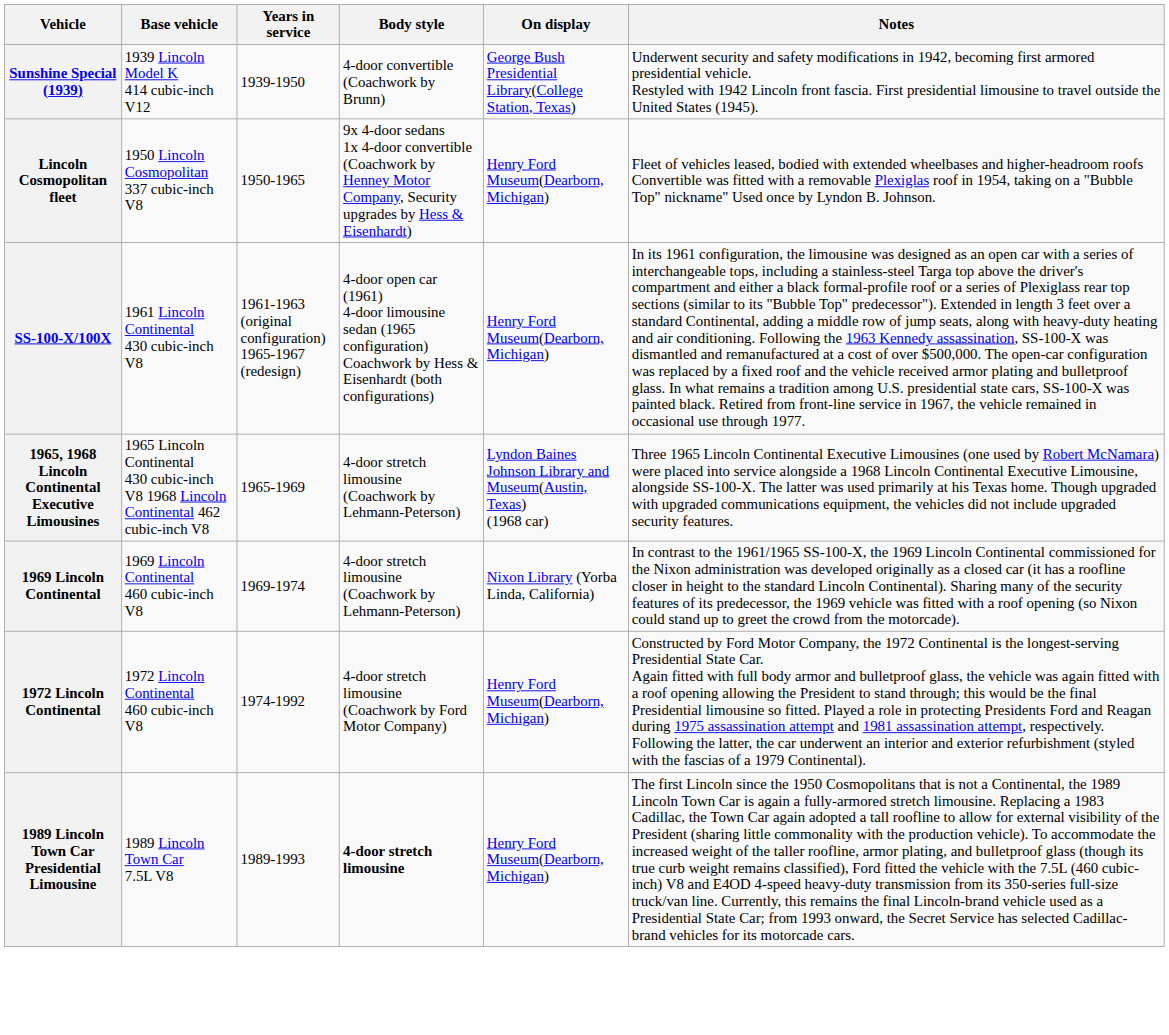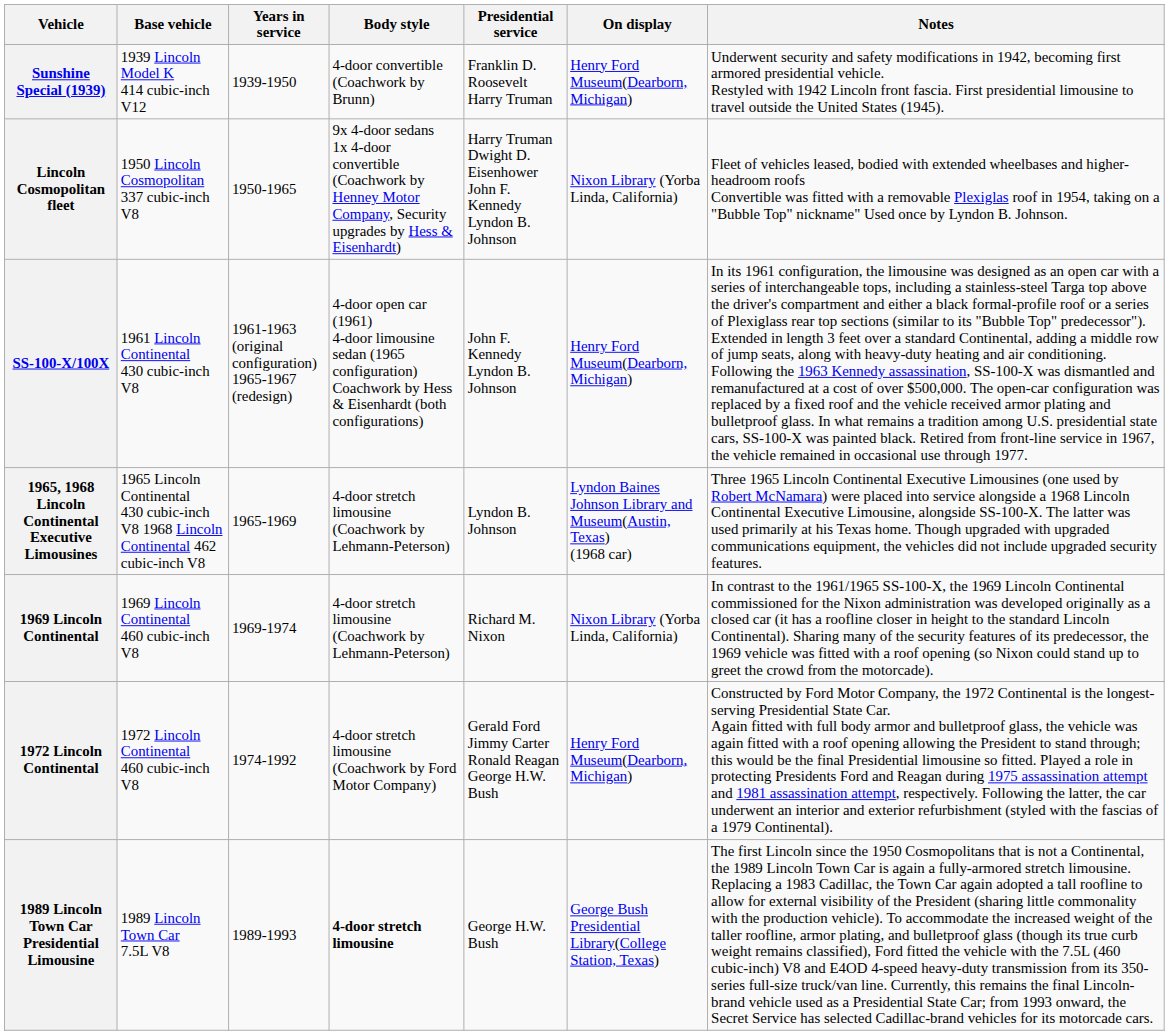 <table class="wikitable">
 <tr>
 <th>Vehicle</th>
 <th>Base vehicle</th>
 <th>Years in service</th>
 <th>Body style</th>
+<th>Presidential service</th>
 <th>On display</th>
 <th>Notes</th>
 </tr>
 <tr>
 <th><a href='#'>Sunshine Special (1939)</a></th>
 <td>1939 <a href='#'>Lincoln Model K</a><br>414 cubic-inch V12</td>
 <td>1939-1950</td>
 <td>4-door convertible<br>(Coachwork by Brunn)</td>
-<td><a href='#'>George Bush Presidential Library</a>(<a href='#'>College Station, Texas</a>)</td>
+<td>Franklin D. Roosevelt<br>Harry Truman</td>
+<td><a href='#'>Henry Ford Museum</a>(<a href='#'>Dearborn, Michigan</a>)</td>
 <td>Underwent security and safety modifications in 1942, becoming first armored presidential vehicle.<br>Restyled with 1942 Lincoln front fascia.  First presidential limousine to travel outside the United States (1945).</td>
 </tr>
 <tr>
 <th>Lincoln Cosmopolitan fleet</th>
 <td>1950 <a href='#'>Lincoln Cosmopolitan</a><br>337 cubic-inch V8</td>
 <td>1950-1965</td>
 <td>9x 4-door sedans<br>1x 4-door convertible (Coachwork by <a href='#'>Henney Motor Company</a>, Security upgrades by <a href='#'>Hess & Eisenhardt</a>)</td>
-<td><a href='#'>Henry Ford Museum</a>(<a href='#'>Dearborn, Michigan</a>)</td>
+<td>Harry Truman<br>Dwight D. Eisenhower John F. Kennedy Lyndon B. Johnson</td>
+<td><a href='#'>Nixon Library</a> (Yorba Linda, California)</td>
 <td>Fleet of vehicles leased, bodied with extended wheelbases and higher-headroom roofs<br>Convertible was fitted with a removable <a href='#'>Plexiglas</a> roof in 1954, taking on a "Bubble Top" nickname" Used once by Lyndon B. Johnson.</td>
 </tr>
 <tr>
 <th><a href='#'>SS-100-X/100X</a></th>
 <td>1961 <a href='#'>Lincoln Continental</a><br>430 cubic-inch V8</td>
 <td>1961-1963 (original configuration)<br>1965-1967 (redesign)</td>
 <td>4-door open car (1961)<br>4-door limousine sedan (1965 configuration) Coachwork by Hess & Eisenhardt (both configurations)</td>
+<td>John F. Kennedy<br>Lyndon B. Johnson</td>
 <td><a href='#'>Henry Ford Museum</a>(<a href='#'>Dearborn, Michigan</a>)</td>
 <td>In its 1961 configuration, the limousine was designed as an open car with a series of interchangeable tops, including a stainless-steel Targa top above the driver's compartment and either a black formal-profile roof or a series of Plexiglass rear top sections (similar to its "Bubble Top" predecessor"). Extended in length 3 feet over a standard Continental, adding a middle row of jump seats, along with heavy-duty heating and air conditioning. Following the <a href='#'>1963 Kennedy assassination</a>, SS-100-X was dismantled and remanufactured at a cost of over $500,000. The open-car configuration was replaced by a fixed roof and the vehicle received armor plating and bulletproof glass. In what remains a tradition among U.S. presidential state cars, SS-100-X was painted black. Retired from front-line service in 1967, the vehicle remained in occasional use through 1977.</td>
 </tr>
 <tr>
 <th>1965, 1968 Lincoln Continental Executive Limousines</th>
 <td>1965 Lincoln Continental<br>430 cubic-inch V8 1968 <a href='#'>Lincoln Continental</a> 462 cubic-inch V8</td>
 <td>1965-1969</td>
 <td>4-door stretch limousine<br>(Coachwork by Lehmann-Peterson)</td>
+<td>Lyndon B. Johnson</td>
 <td><a href='#'>Lyndon Baines Johnson Library and Museum</a>(<a href='#'>Austin, Texas</a>)<br>(1968 car)</td>
 <td>Three 1965 Lincoln Continental Executive Limousines (one used by <a href='#'>Robert McNamara</a>) were placed into service alongside a 1968 Lincoln Continental Executive Limousine, alongside SS-100-X. The latter was used primarily at his Texas home. Though upgraded with upgraded communications equipment, the vehicles did not include upgraded security features.</td>
 </tr>
 <tr>
 <th>1969 Lincoln Continental</th>
 <td>1969 <a href='#'>Lincoln Continental</a><br>460 cubic-inch V8</td>
 <td>1969-1974</td>
 <td>4-door stretch limousine<br>(Coachwork by Lehmann-Peterson)</td>
+<td>Richard M. Nixon</td>
 <td><a href='#'>Nixon Library</a> (Yorba Linda, California)</td>
 <td>In contrast to the 1961/1965 SS-100-X, the 1969 Lincoln Continental commissioned for the Nixon administration was developed originally as a closed car (it has a roofline closer in height to the standard Lincoln Continental). Sharing many of the security features of its predecessor, the 1969 vehicle was fitted with a roof opening (so Nixon could stand up to greet the crowd from the motorcade).</td>
 </tr>
 <tr>
 <th>1972 Lincoln Continental</th>
 <td>1972 <a href='#'>Lincoln Continental</a><br>460 cubic-inch V8</td>
 <td>1974-1992</td>
 <td>4-door stretch limousine<br>(Coachwork by Ford Motor Company)</td>
+<td>Gerald Ford<br>Jimmy Carter Ronald Reagan George H.W. Bush</td>
 <td><a href='#'>Henry Ford Museum</a>(<a href='#'>Dearborn, Michigan</a>)</td>
 <td>Constructed by Ford Motor Company, the 1972 Continental is the longest-serving Presidential State Car.<br>Again fitted with full body armor and bulletproof glass, the vehicle was again fitted with a roof opening allowing the President to stand through; this would be the final Presidential limousine so fitted. Played a role in protecting Presidents Ford and Reagan during <a href='#'>1975 assassination attempt</a> and <a href='#'>1981 assassination attempt</a>, respectively. Following the latter, the car underwent an interior and exterior refurbishment (styled with the fascias of a 1979 Continental).</td>
 </tr>
 <tr>
 <th>1989 Lincoln Town Car Presidential Limousine</th>
 <td>1989 <a href='#'>Lincoln Town Car</a><br>7.5L V8</td>
 <td>1989-1993</td>
 <td><strong>4-door stretch limousine</strong></td>
-<td><a href='#'>Henry Ford Museum</a>(<a href='#'>Dearborn, Michigan</a>)</td>
+<td>George H.W. Bush</td>
+<td><a href='#'>George Bush Presidential Library</a>(<a href='#'>College Station, Texas</a>)</td>
 <td>The first Lincoln since the 1950 Cosmopolitans that is not a Continental, the 1989 Lincoln Town Car is again a fully-armored stretch limousine. Replacing a 1983 Cadillac, the Town Car again adopted a tall roofline to allow for external visibility of the President (sharing  little commonality with the production vehicle). To accommodate the increased weight of the taller roofline, armor plating, and bulletproof glass (though its true curb weight remains classified), Ford fitted the vehicle with the 7.5L (460 cubic-inch) V8 and E4OD 4-speed heavy-duty transmission from its 350-series full-size truck/van line. Currently, this remains the final Lincoln-brand vehicle used as a Presidential State Car; from 1993 onward, the Secret Service has selected Cadillac-brand vehicles for its motorcade cars.</td>
 </tr>
 </table>
